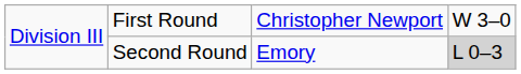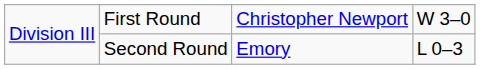 <table class="wikitable">
 <tr>
 <td rowspan="5"><a href='#'>Division III</a></td>
 <td>First Round</td>
 <td><a href='#'>Christopher Newport</a></td>
 <td>W 3–0</td>
 </tr>
 <tr>
 <td>Second Round</td>
 <td><a href='#'>Emory</a></td>
-<td style="background: lightgrey;">L 0–3</td>
+<td>L 0–3</td>
 </tr>
 </table>
